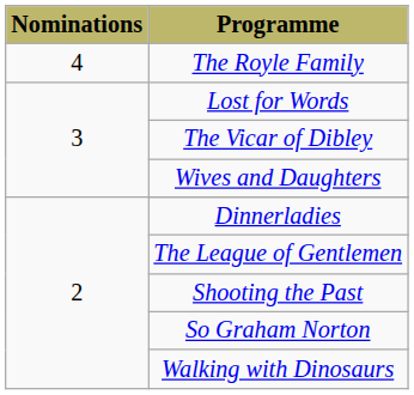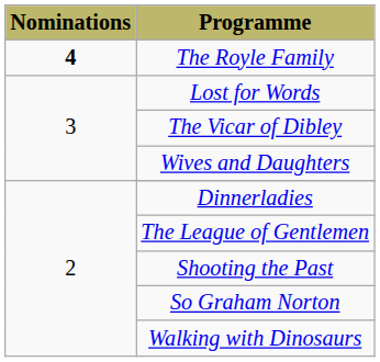 <table class="wikitable" style="text-align:center;">
 <tr>
 <th style="background:#BDB76B;">Nominations</th>
 <th style="background:#BDB76B;">Programme</th>
 </tr>
 <tr>
-<td>4</td>
+<td><strong>4</strong></td>
 <td><em><a href='#'>The Royle Family</a></em></td>
 </tr>
 <tr>
 <td rowspan="3">3</td>
 <td><em><a href='#'>Lost for Words</a></em></td>
 </tr>
 <tr>
 <td><em><a href='#'>The Vicar of Dibley</a></em></td>
 </tr>
 <tr>
 <td><em><a href='#'>Wives and Daughters</a></em></td>
 </tr>
 <tr>
 <td rowspan="7">2</td>
 </tr>
 <tr>
 <td><em><a href='#'>Dinnerladies</a></em></td>
 </tr>
 <tr>
 <td><em><a href='#'>The League of Gentlemen</a></em></td>
 </tr>
 <tr>
 <td><em><a href='#'>Shooting the Past</a></em></td>
 </tr>
 <tr>
 <td><em><a href='#'>So Graham Norton</a></em></td>
 </tr>
 <tr>
 <td><em><a href='#'>Walking with Dinosaurs</a></em></td>
 </tr>
 </table>
